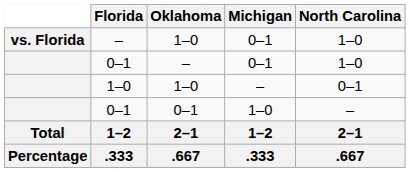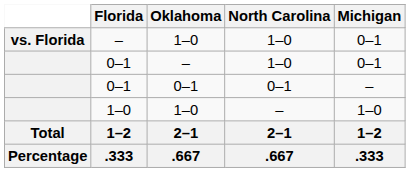 <table class="wikitable" style="font-size:95%; text-align:center;">
 <tr>
 <th colspan=1 style="background:white; border-top-style:hidden; border-left-style:hidden;" width=75></th>
 <th style=>Florida</th>
 <th style=>Oklahoma</th>
+<th style=>North Carolina</th>
 <th style=>Michigan</th>
-<th style=>North Carolina</th>
 </tr>
 <tr style="text-align:center;">
 <th>vs. Florida</th>
 <td>–</td>
 <td>1–0</td>
+<td>1–0</td>
 <td>0–1</td>
-<td>1–0</td>
 </tr>
 <tr style="text-align:center;">
 <th></th>
 <td>0–1</td>
 <td>–</td>
+<td>1–0</td>
 <td>0–1</td>
-<td>1–0</td>
+</tr>
+<tr style="text-align:center;">
+<th></th>
+<td>0–1</td>
+<td>0–1</td>
+<td>0–1</td>
+<td>–</td>
 </tr>
 <tr style="text-align:center;">
 <th></th>
 <td>1–0</td>
 <td>1–0</td>
 <td>–</td>
-<td>0–1</td>
-</tr>
-<tr style="text-align:center;">
-<th></th>
-<td>0–1</td>
-<td>0–1</td>
 <td>1–0</td>
-<td>–</td>
 </tr>
 <tr style="text-align:center;">
 <th>Total</th>
 <th>1–2</th>
 <th>2–1</th>
+<th>2–1</th>
 <th>1–2</th>
-<th>2–1</th>
 </tr>
 <tr style="text-align:center;">
 <th>Percentage</th>
 <th>.333</th>
 <th>.667</th>
+<th>.667</th>
 <th>.333</th>
-<th>.667</th>
 </tr>
 </table>
